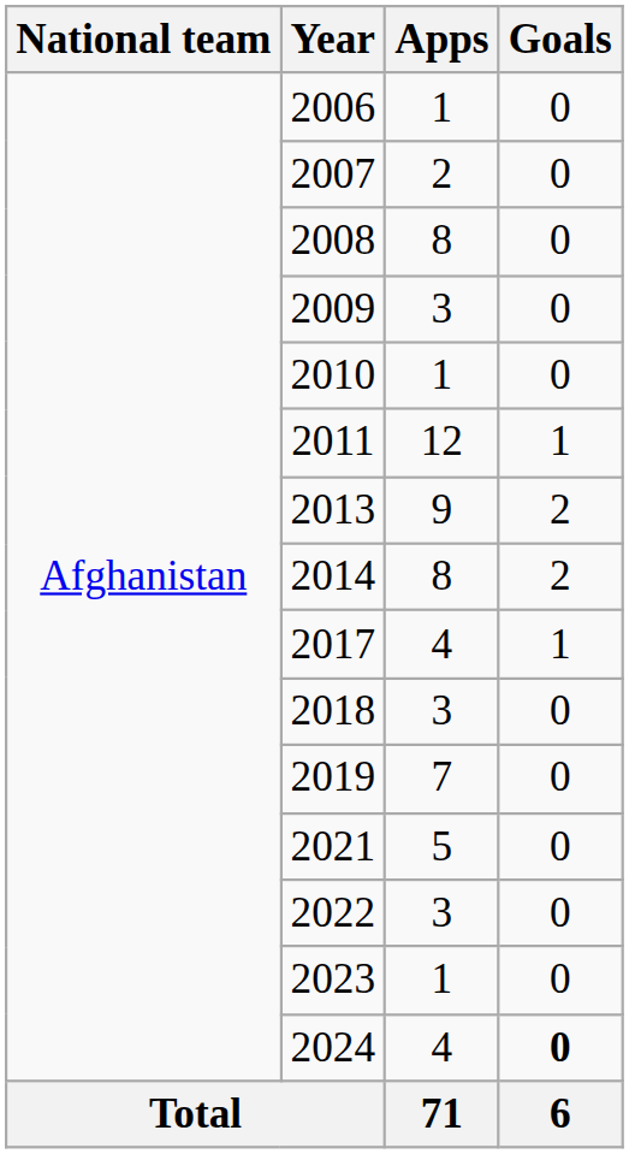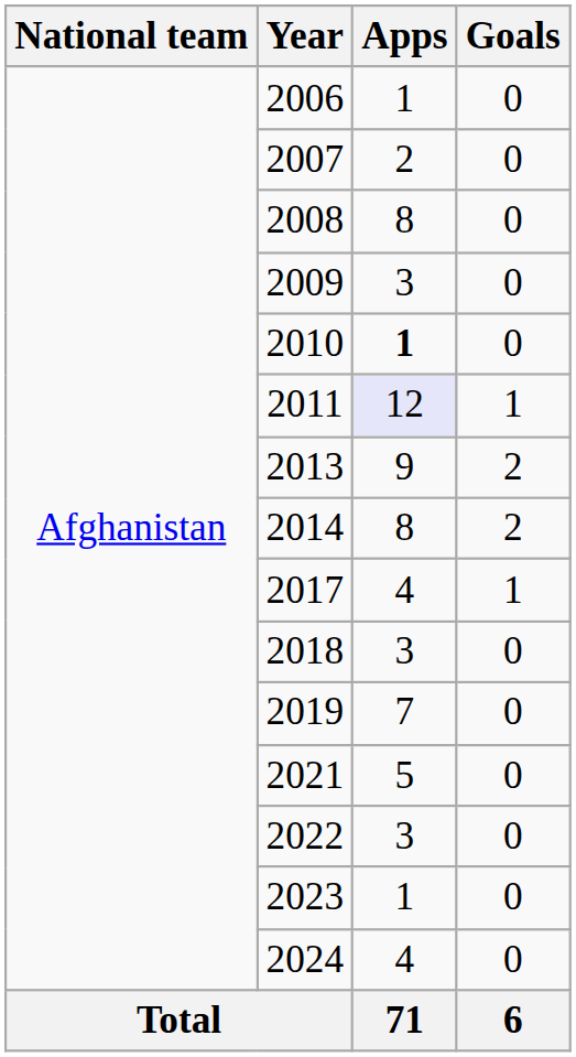 <table class="wikitable" style="text-align:center">
 <tr>
 <th>National team</th>
 <th>Year</th>
 <th>Apps</th>
 <th>Goals</th>
 </tr>
 <tr>
 <td rowspan="15"><a href='#'>Afghanistan</a></td>
 <td>2006</td>
 <td>1</td>
 <td>0</td>
 </tr>
 <tr>
 <td>2007</td>
 <td>2</td>
 <td>0</td>
 </tr>
 <tr>
 <td>2008</td>
 <td>8</td>
 <td>0</td>
 </tr>
 <tr>
 <td>2009</td>
 <td>3</td>
 <td>0</td>
 </tr>
 <tr>
 <td>2010</td>
-<td>1</td>
+<td><strong>1</strong></td>
 <td>0</td>
 </tr>
 <tr>
 <td>2011</td>
-<td>12</td>
+<td style="background: lavender;">12</td>
 <td>1</td>
 </tr>
 <tr>
 <td>2013</td>
 <td>9</td>
 <td>2</td>
 </tr>
 <tr>
 <td>2014</td>
 <td>8</td>
 <td>2</td>
 </tr>
 <tr>
 <td>2017</td>
 <td>4</td>
 <td>1</td>
 </tr>
 <tr>
 <td>2018</td>
 <td>3</td>
 <td>0</td>
 </tr>
 <tr>
 <td>2019</td>
 <td>7</td>
 <td>0</td>
 </tr>
 <tr>
 <td>2021</td>
 <td>5</td>
 <td>0</td>
 </tr>
 <tr>
 <td>2022</td>
 <td>3</td>
 <td>0</td>
 </tr>
 <tr>
 <td>2023</td>
 <td>1</td>
 <td>0</td>
 </tr>
 <tr>
 <td>2024</td>
 <td>4</td>
-<td><strong>0</strong></td>
+<td>0</td>
 </tr>
 <tr>
 <th colspan="2">Total</th>
 <th>71</th>
 <th>6</th>
 </tr>
 </table>
